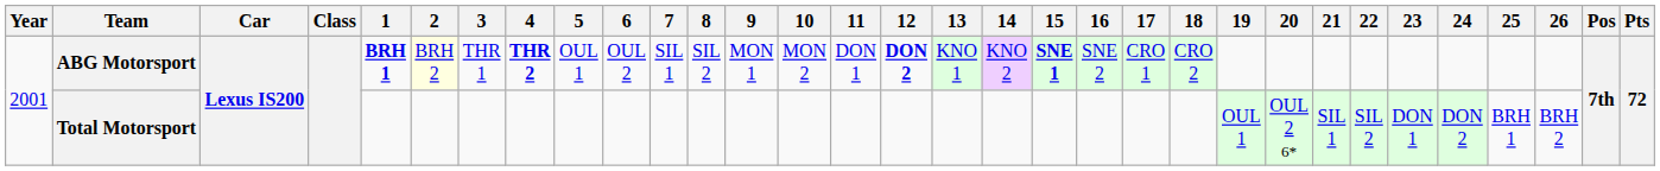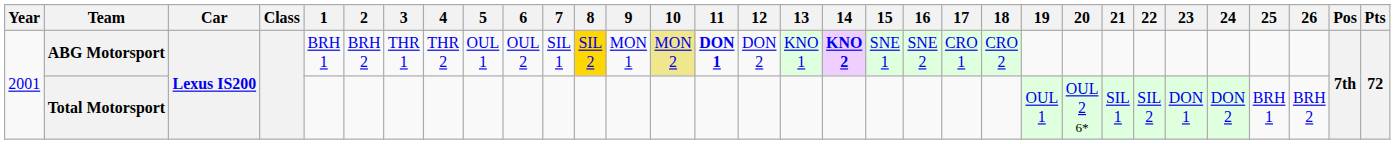 <table class="wikitable" style="text-align:center; font-size:85%">
 <tr>
 <th>Year</th>
 <th>Team</th>
 <th>Car</th>
 <th>Class</th>
 <th>1</th>
 <th>2</th>
 <th>3</th>
 <th>4</th>
 <th>5</th>
 <th>6</th>
 <th>7</th>
 <th>8</th>
 <th>9</th>
 <th>10</th>
 <th>11</th>
 <th>12</th>
 <th>13</th>
 <th>14</th>
 <th>15</th>
 <th>16</th>
 <th>17</th>
 <th>18</th>
 <th>19</th>
 <th>20</th>
 <th>21</th>
 <th>22</th>
 <th>23</th>
 <th>24</th>
 <th>25</th>
 <th>26</th>
 <th>Pos</th>
 <th>Pts</th>
 </tr>
 <tr>
 <td rowspan=2><a href='#'>2001</a></td>
 <th nowrap>ABG Motorsport</th>
 <th rowspan=2 nowrap><a href='#'>Lexus IS200</a></th>
 <th rowspan=2><span></span></th>
-<td><strong><a href='#'>BRH<br>1</a></strong></td>
-<td style="background: lightyellow;"><a href='#'>BRH<br>2</a></td>
+<td><a href='#'>BRH<br>1</a></td>
+<td><a href='#'>BRH<br>2</a></td>
 <td><a href='#'>THR<br>1</a></td>
-<td><strong><a href='#'>THR<br>2</a></strong></td>
+<td><a href='#'>THR<br>2</a></td>
 <td><a href='#'>OUL<br>1</a></td>
 <td><a href='#'>OUL<br>2</a></td>
 <td><a href='#'>SIL<br>1</a></td>
-<td><a href='#'>SIL<br>2</a></td>
+<td style="background: gold;"><a href='#'>SIL<br>2</a></td>
 <td><a href='#'>MON<br>1</a></td>
-<td><a href='#'>MON<br>2</a></td>
-<td><a href='#'>DON<br>1</a></td>
-<td><strong><a href='#'>DON<br>2</a></strong></td>
+<td style="background: khaki;"><a href='#'>MON<br>2</a></td>
+<td><strong><a href='#'>DON<br>1</a></strong></td>
+<td><a href='#'>DON<br>2</a></td>
 <td style="background:#DFFFDF;"><a href='#'>KNO<br>1</a><br></td>
-<td style="background:#EFCFFF;"><a href='#'>KNO<br>2</a><br></td>
-<td style="background:#DFFFDF;"><strong><a href='#'>SNE<br>1</a><br></strong></td>
+<td style="background:#EFCFFF;"><strong><a href='#'>KNO<br>2</a><br></strong></td>
+<td style="background:#DFFFDF;"><a href='#'>SNE<br>1</a><br></td>
 <td style="background:#DFFFDF;"><a href='#'>SNE<br>2</a><br></td>
 <td style="background:#DFFFDF;"><a href='#'>CRO<br>1</a><br></td>
 <td style="background:#DFFFDF;"><a href='#'>CRO<br>2</a><br></td>
 <td></td>
 <td></td>
 <td></td>
 <td></td>
 <td></td>
 <td></td>
 <td></td>
 <td></td>
 <th rowspan=2>7th</th>
 <th rowspan=2>72</th>
 </tr>
 <tr>
 <th nowrap>Total Motorsport</th>
 <td></td>
 <td></td>
 <td></td>
 <td></td>
 <td></td>
 <td></td>
 <td></td>
 <td></td>
 <td></td>
 <td></td>
 <td></td>
 <td></td>
 <td></td>
 <td></td>
 <td></td>
 <td></td>
 <td></td>
 <td></td>
 <td style="background:#DFFFDF;"><a href='#'>OUL<br>1</a><br></td>
 <td style="background:#DFFFDF;"><a href='#'>OUL<br>2</a><br><small>6*</small></td>
 <td style="background:#DFFFDF;"><a href='#'>SIL<br>1</a><br></td>
 <td style="background:#DFFFDF;"><a href='#'>SIL<br>2</a><br></td>
 <td style="background:#DFFFDF;"><a href='#'>DON<br>1</a><br></td>
 <td style="background:#DFFFDF;"><a href='#'>DON<br>2</a><br></td>
 <td><a href='#'>BRH<br>1</a></td>
 <td><a href='#'>BRH<br>2</a></td>
 </tr>
 </table>
